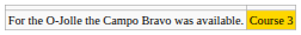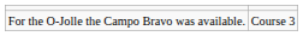 <table class="wikitable" style="text-align:center;">
 <tr>
 <td></td>
 <td></td>
 </tr>
 <tr>
 <td>For the O-Jolle the Campo Bravo was available.</td>
-<td style="background: gold;">Course 3</td>
+<td>Course 3</td>
 </tr>
 </table>
